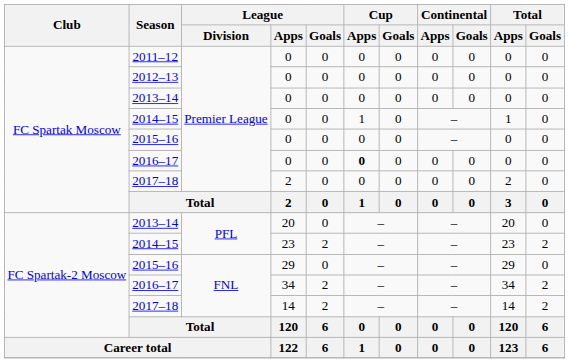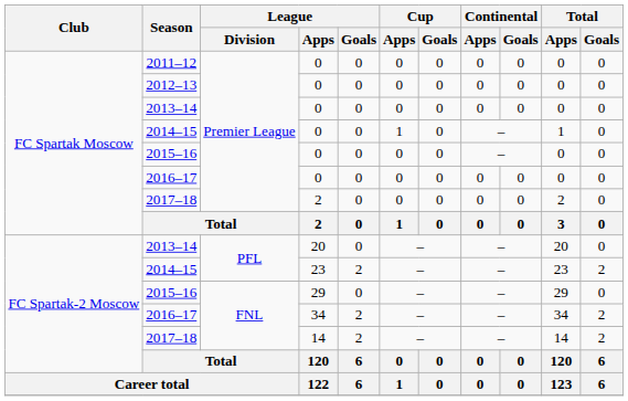 <table class="wikitable" style="text-align: center;">
 <tr>
 <th rowspan=2>Club</th>
 <th rowspan=2>Season</th>
 <th colspan=3>League</th>
 <th colspan=2>Cup</th>
 <th colspan=2>Continental</th>
 <th colspan=2>Total</th>
 </tr>
 <tr>
 <th>Division</th>
 <th>Apps</th>
 <th>Goals</th>
 <th>Apps</th>
 <th>Goals</th>
 <th>Apps</th>
 <th>Goals</th>
 <th>Apps</th>
 <th>Goals</th>
 </tr>
 <tr>
 <td rowspan=8><a href='#'>FC Spartak Moscow</a></td>
 <td><a href='#'>2011–12</a></td>
 <td rowspan=7><a href='#'>Premier League</a></td>
 <td>0</td>
 <td>0</td>
 <td>0</td>
 <td>0</td>
 <td>0</td>
 <td>0</td>
 <td>0</td>
 <td>0</td>
 </tr>
 <tr>
 <td><a href='#'>2012–13</a></td>
 <td>0</td>
 <td>0</td>
 <td>0</td>
 <td>0</td>
 <td>0</td>
 <td>0</td>
 <td>0</td>
 <td>0</td>
 </tr>
 <tr>
 <td><a href='#'>2013–14</a></td>
 <td>0</td>
 <td>0</td>
 <td>0</td>
 <td>0</td>
 <td>0</td>
 <td>0</td>
 <td>0</td>
 <td>0</td>
 </tr>
 <tr>
 <td><a href='#'>2014–15</a></td>
 <td>0</td>
 <td>0</td>
 <td>1</td>
 <td>0</td>
 <td colspan=2>–</td>
 <td>1</td>
 <td>0</td>
 </tr>
 <tr>
 <td><a href='#'>2015–16</a></td>
 <td>0</td>
 <td>0</td>
 <td>0</td>
 <td>0</td>
 <td colspan=2>–</td>
 <td>0</td>
 <td>0</td>
 </tr>
 <tr>
 <td><a href='#'>2016–17</a></td>
 <td>0</td>
 <td>0</td>
-<td><strong>0</strong></td>
+<td>0</td>
 <td>0</td>
 <td>0</td>
 <td>0</td>
 <td>0</td>
 <td>0</td>
 </tr>
 <tr>
 <td><a href='#'>2017–18</a></td>
 <td>2</td>
 <td>0</td>
 <td>0</td>
 <td>0</td>
 <td>0</td>
 <td>0</td>
 <td>2</td>
 <td>0</td>
 </tr>
 <tr>
 <th colspan=2>Total</th>
 <th>2</th>
 <th>0</th>
 <th>1</th>
 <th>0</th>
 <th>0</th>
 <th>0</th>
 <th>3</th>
 <th>0</th>
 </tr>
 <tr>
 <td rowspan=6><a href='#'>FC Spartak-2 Moscow</a></td>
 <td><a href='#'>2013–14</a></td>
 <td rowspan=2><a href='#'>PFL</a></td>
 <td>20</td>
 <td>0</td>
 <td colspan=2>–</td>
 <td colspan=2>–</td>
 <td>20</td>
 <td>0</td>
 </tr>
 <tr>
 <td><a href='#'>2014–15</a></td>
 <td>23</td>
 <td>2</td>
 <td colspan=2>–</td>
 <td colspan=2>–</td>
 <td>23</td>
 <td>2</td>
 </tr>
 <tr>
 <td><a href='#'>2015–16</a></td>
 <td rowspan=3><a href='#'>FNL</a></td>
 <td>29</td>
 <td>0</td>
 <td colspan=2>–</td>
 <td colspan=2>–</td>
 <td>29</td>
 <td>0</td>
 </tr>
 <tr>
 <td><a href='#'>2016–17</a></td>
 <td>34</td>
 <td>2</td>
 <td colspan=2>–</td>
 <td colspan=2>–</td>
 <td>34</td>
 <td>2</td>
 </tr>
 <tr>
 <td><a href='#'>2017–18</a></td>
 <td>14</td>
 <td>2</td>
 <td colspan=2>–</td>
 <td colspan=2>–</td>
 <td>14</td>
 <td>2</td>
 </tr>
 <tr>
 <th colspan=2>Total</th>
 <th>120</th>
 <th>6</th>
 <th>0</th>
 <th>0</th>
 <th>0</th>
 <th>0</th>
 <th>120</th>
 <th>6</th>
 </tr>
 <tr>
 <th colspan=3>Career total</th>
 <th>122</th>
 <th>6</th>
 <th>1</th>
 <th>0</th>
 <th>0</th>
 <th>0</th>
 <th>123</th>
 <th>6</th>
 </tr>
 <tr>
 </tr>
 </table>
